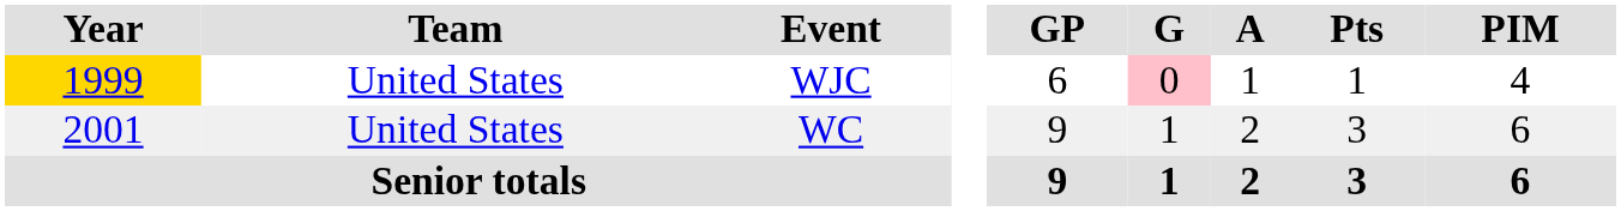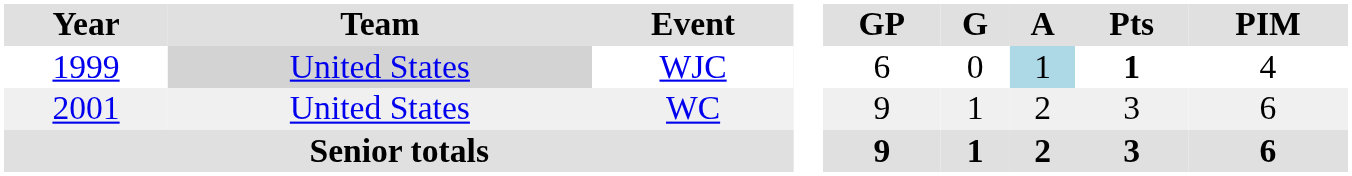 <table border="0" cellpadding="1" cellspacing="0" style="text-align:center; width:40em">
 <tr ALIGN="center" bgcolor="#e0e0e0">
 <th>Year</th>
 <th>Team</th>
 <th>Event</th>
 <th rowspan="99" bgcolor="#ffffff"> </th>
 <th>GP</th>
 <th>G</th>
 <th>A</th>
 <th>Pts</th>
 <th>PIM</th>
 </tr>
 <tr>
-<td style="background: gold;"><a href='#'>1999</a></td>
-<td><a href='#'>United States</a></td>
+<td><a href='#'>1999</a></td>
+<td style="background: lightgrey;"><a href='#'>United States</a></td>
 <td><a href='#'>WJC</a></td>
 <td>6</td>
-<td style="background: pink;">0</td>
-<td>1</td>
-<td>1</td>
+<td>0</td>
+<td style="background: lightblue;">1</td>
+<td><strong>1</strong></td>
 <td>4</td>
 </tr>
 <tr style="background: #f0f0f0;">
 <td><a href='#'>2001</a></td>
 <td><a href='#'>United States</a></td>
 <td><a href='#'>WC</a></td>
 <td>9</td>
 <td>1</td>
 <td>2</td>
 <td>3</td>
 <td>6</td>
 </tr>
 <tr style="background: #e0e0e0;">
 <th colspan="3">Senior totals</th>
 <th>9</th>
 <th>1</th>
 <th>2</th>
 <th>3</th>
 <th>6</th>
 </tr>
 </table>
